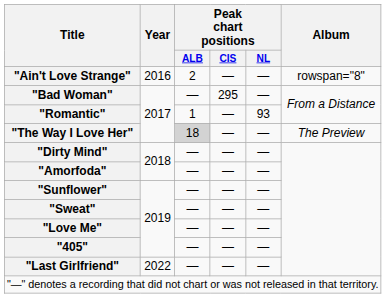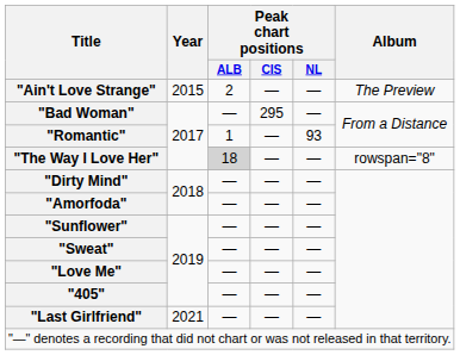 <table class="wikitable plainrowheaders" style="text-align:center;">
 <tr>
 <th scope="col" rowspan="2">Title</th>
 <th scope="col" rowspan="2">Year</th>
 <th scope="col" colspan="3">Peak<br>chart<br>positions</th>
 <th scope="col" rowspan="2">Album</th>
 </tr>
 <tr>
 <th scope="col" style="width:3em;font-size:85%;"><a href='#'>ALB</a><br></th>
 <th scope="col" style="width:3em;font-size:85%;"><a href='#'>CIS</a><br></th>
 <th scope="col" style="width:3em;font-size:85%;"><a href='#'>NL</a><br></th>
 </tr>
 <tr>
 <th scope="row">"Ain't Love Strange"</th>
-<td>2016</td>
+<td>2015</td>
 <td>2</td>
 <td>—</td>
 <td>—</td>
-<td>rowspan="8" </td>
+<td><em>The Preview</em></td>
 </tr>
 <tr>
 <th scope="row">"Bad Woman"</th>
 <td rowspan="3">2017</td>
 <td>—</td>
 <td>295</td>
 <td>—</td>
 <td rowspan="2"><em>From a Distance</em></td>
 </tr>
 <tr>
 <th scope="row">"Romantic"</th>
 <td>1</td>
 <td>—</td>
 <td>93</td>
 </tr>
 <tr>
 <th scope="row">"The Way I Love Her"</th>
 <td style="background: lightgrey;">18</td>
 <td>—</td>
 <td>—</td>
-<td><em>The Preview</em></td>
+<td>rowspan="8" </td>
 </tr>
 <tr>
 <th scope="row">"Dirty Mind"<br></th>
 <td rowspan="2">2018</td>
 <td>—</td>
 <td>—</td>
 <td>—</td>
 </tr>
 <tr>
 <th scope="row">"Amorfoda"</th>
 <td>—</td>
 <td>—</td>
 <td>—</td>
 </tr>
 <tr>
 <th scope="row">"Sunflower"</th>
 <td rowspan="4">2019</td>
 <td>—</td>
 <td>—</td>
 <td>—</td>
 </tr>
 <tr>
 <th scope="row">"Sweat"</th>
 <td>—</td>
 <td>—</td>
 <td>—</td>
 </tr>
 <tr>
 <th scope="row">"Love Me"</th>
 <td>—</td>
 <td>—</td>
 <td>—</td>
 </tr>
 <tr>
 <th scope="row">"405"</th>
 <td>—</td>
 <td>—</td>
 <td>—</td>
 </tr>
 <tr>
 <th scope="row">"Last Girlfriend"</th>
-<td>2022</td>
+<td>2021</td>
 <td>—</td>
 <td>—</td>
 <td>—</td>
 </tr>
 <tr>
 <td colspan="11" style="font-size:90%">"—" denotes a recording that did not chart or was not released in that territory.</td>
 </tr>
 </table>
